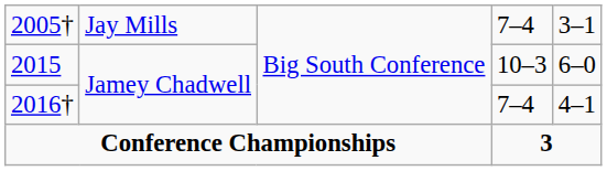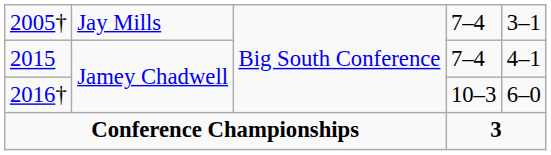 <table class="wikitable">
 <tr>
 <td><a href='#'>2005</a>†</td>
 <td><a href='#'>Jay Mills</a></td>
 <td rowspan="3"><a href='#'>Big South Conference</a></td>
 <td>7–4</td>
 <td>3–1</td>
 </tr>
 <tr>
 <td><a href='#'>2015</a></td>
 <td rowspan="2"><a href='#'>Jamey Chadwell</a></td>
-<td>10–3</td>
-<td>6–0</td>
+<td>7–4</td>
+<td>4–1</td>
 </tr>
 <tr>
 <td><a href='#'>2016</a>†</td>
-<td>7–4</td>
-<td>4–1</td>
+<td>10–3</td>
+<td>6–0</td>
 </tr>
 <tr align="center">
 <td colspan=3><strong>Conference Championships</strong></td>
 <td colspan=3><strong>3</strong></td>
 </tr>
 </table>
